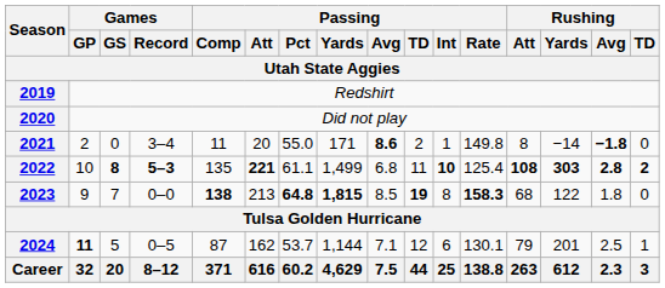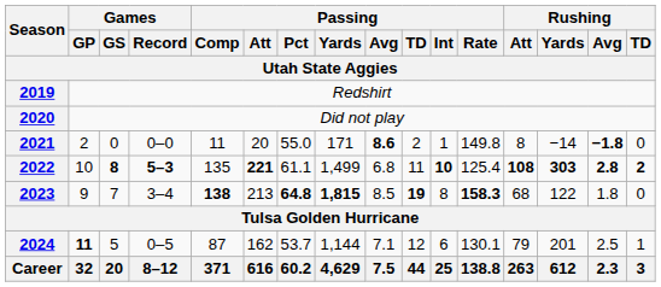 <table class="wikitable" style="text-align:center;">
 <tr>
 <th rowspan="2">Season</th>
 <th colspan="3">Games</th>
 <th colspan="8">Passing</th>
 <th colspan="5">Rushing</th>
 </tr>
 <tr>
 <th>GP</th>
 <th>GS</th>
 <th>Record</th>
 <th>Comp</th>
 <th>Att</th>
 <th>Pct</th>
 <th>Yards</th>
 <th>Avg</th>
 <th>TD</th>
 <th>Int</th>
 <th>Rate</th>
 <th>Att</th>
 <th>Yards</th>
 <th>Avg</th>
 <th>TD</th>
 </tr>
 <tr>
 <th colspan="16">Utah State Aggies</th>
 </tr>
 <tr>
 <th><a href='#'>2019</a></th>
 <td colspan="16"><em>Redshirt </em></td>
 </tr>
 <tr>
 <th><a href='#'>2020</a></th>
 <td colspan="16"><em>Did not play</em></td>
 </tr>
 <tr>
 <th><a href='#'>2021</a></th>
 <td>2</td>
 <td>0</td>
-<td>3–4</td>
+<td>0–0</td>
 <td>11</td>
 <td>20</td>
 <td>55.0</td>
 <td>171</td>
 <td><strong>8.6</strong></td>
 <td>2</td>
 <td>1</td>
 <td>149.8</td>
 <td>8</td>
 <td>−14</td>
 <td><strong>−1.8</strong></td>
 <td>0</td>
 </tr>
 <tr>
 <th><a href='#'>2022</a></th>
 <td>10</td>
 <td><strong>8</strong></td>
 <td><strong>5–3</strong></td>
 <td>135</td>
 <td><strong>221</strong></td>
 <td>61.1</td>
 <td>1,499</td>
 <td>6.8</td>
 <td>11</td>
 <td><strong>10</strong></td>
 <td>125.4</td>
 <td><strong>108</strong></td>
 <td><strong>303</strong></td>
 <td><strong>2.8</strong></td>
 <td><strong>2</strong></td>
 </tr>
 <tr>
 <th><a href='#'>2023</a></th>
 <td>9</td>
 <td>7</td>
-<td>0–0</td>
+<td>3–4</td>
 <td><strong>138</strong></td>
 <td>213</td>
 <td><strong>64.8</strong></td>
 <td><strong>1,815</strong></td>
 <td>8.5</td>
 <td><strong>19</strong></td>
 <td>8</td>
 <td><strong>158.3</strong></td>
 <td>68</td>
 <td>122</td>
 <td>1.8</td>
 <td>0</td>
 </tr>
 <tr>
 <th colspan="16">Tulsa Golden Hurricane</th>
 </tr>
 <tr>
 <th><a href='#'>2024</a></th>
 <td><strong>11</strong></td>
 <td>5</td>
 <td>0–5</td>
 <td>87</td>
 <td>162</td>
 <td>53.7</td>
 <td>1,144</td>
 <td>7.1</td>
 <td>12</td>
 <td>6</td>
 <td>130.1</td>
 <td>79</td>
 <td>201</td>
 <td>2.5</td>
 <td>1</td>
 </tr>
 <tr>
 <th>Career</th>
 <th>32</th>
 <th>20</th>
 <th>8–12</th>
 <th>371</th>
 <th>616</th>
 <th>60.2</th>
 <th>4,629</th>
 <th>7.5</th>
 <th>44</th>
 <th>25</th>
 <th>138.8</th>
 <th>263</th>
 <th>612</th>
 <th>2.3</th>
 <th>3</th>
 </tr>
 </table>
